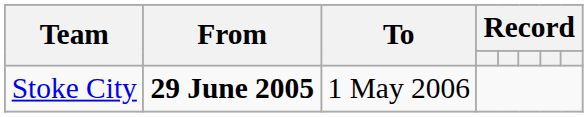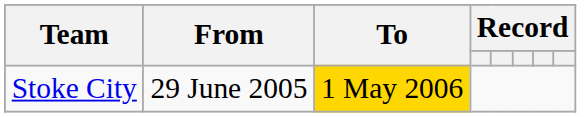 <table class=wikitable style="text-align: center">
 <tr>
 <th rowspan="2">Team</th>
 <th rowspan="2">From</th>
 <th rowspan="2">To</th>
 <th colspan="5">Record</th>
 </tr>
 <tr>
 <th></th>
 <th></th>
 <th></th>
 <th></th>
 <th></th>
 </tr>
 <tr>
 <td align=left><a href='#'>Stoke City</a></td>
-<td align=left><strong>29 June 2005</strong></td>
-<td align=left>1 May 2006<br></td>
+<td align=left>29 June 2005</td>
+<td align=left style="background: gold;">1 May 2006<br></td>
 </tr>
 </table>
